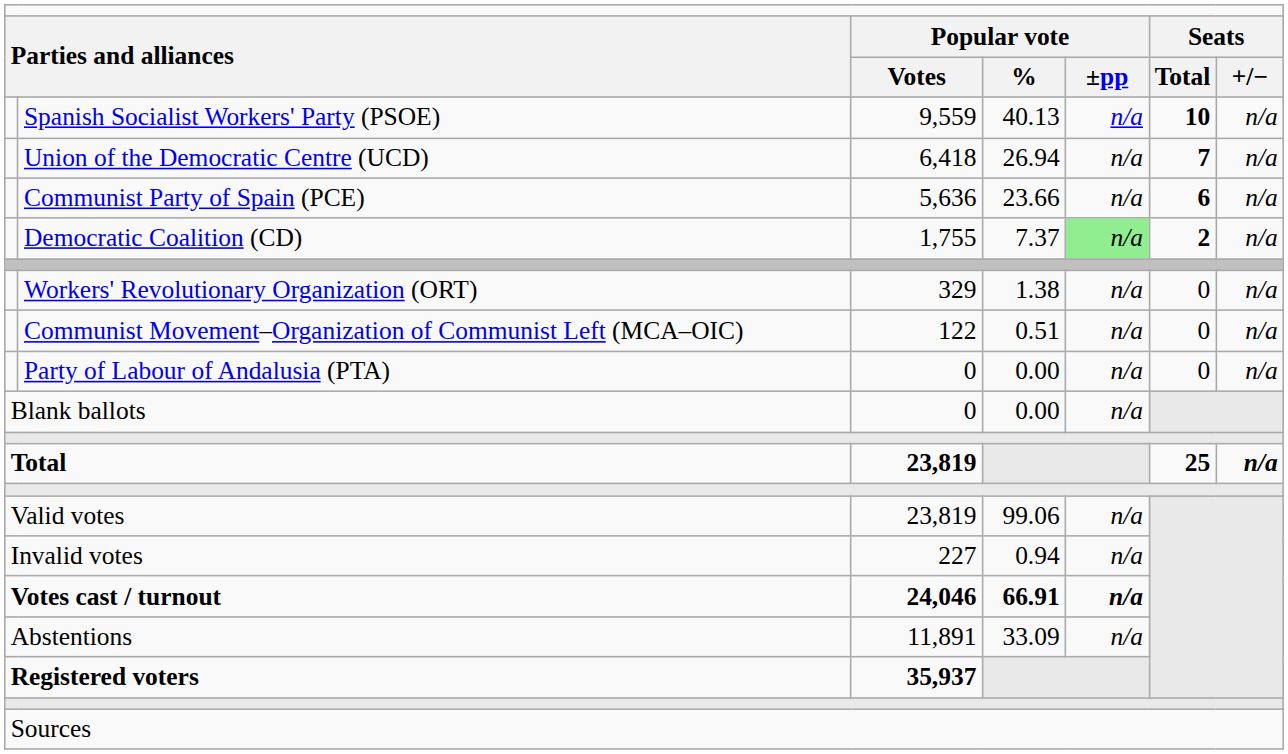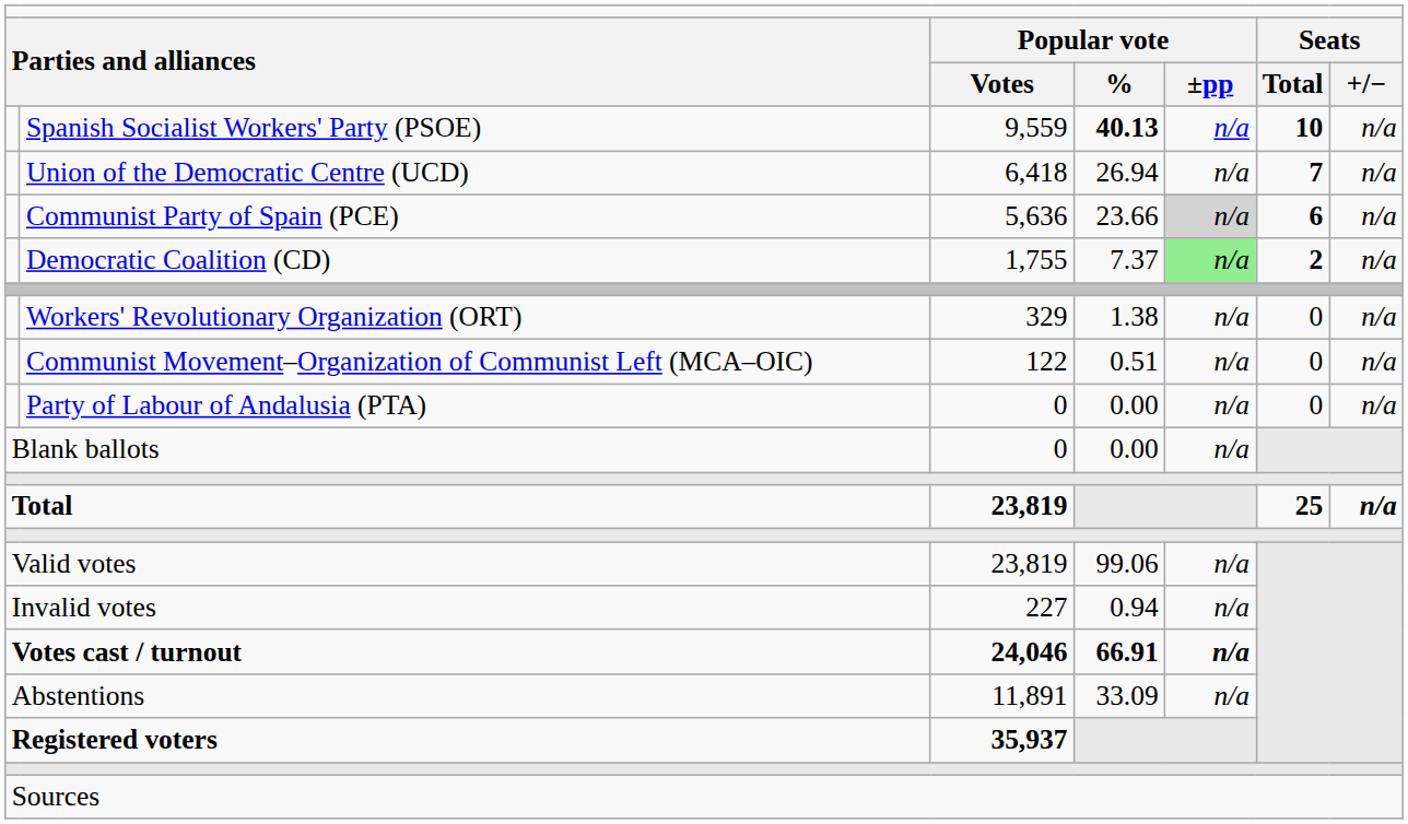 <table class="wikitable" style="text-align:right;">
 <tr>
 <td colspan="7"></td>
 </tr>
 <tr>
 <th style="text-align:left;" rowspan="2" colspan="2" width="525">Parties and alliances</th>
 <th colspan="3">Popular vote</th>
 <th colspan="2">Seats</th>
 </tr>
 <tr>
 <th width="75">Votes</th>
 <th width="45">%</th>
 <th width="45">±<a href='#'>pp</a></th>
 <th width="35">Total</th>
 <th width="35">+/−</th>
 </tr>
 <tr>
 <td width="1" style="color:inherit;background:"></td>
 <td align="left"><a href='#'>Spanish Socialist Workers' Party</a> (PSOE)</td>
 <td>9,559</td>
-<td>40.13</td>
+<td><strong>40.13</strong></td>
 <td><em><a href='#'>n/a</a></em></td>
 <td><strong>10</strong></td>
 <td><em>n/a</em></td>
 </tr>
 <tr>
 <td style="color:inherit;background:"></td>
 <td align="left"><a href='#'>Union of the Democratic Centre</a> (UCD)</td>
 <td>6,418</td>
 <td>26.94</td>
 <td><em>n/a</em></td>
 <td><strong>7</strong></td>
 <td><em>n/a</em></td>
 </tr>
 <tr>
 <td style="color:inherit;background:"></td>
 <td align="left"><a href='#'>Communist Party of Spain</a> (PCE)</td>
 <td>5,636</td>
 <td>23.66</td>
-<td><em>n/a</em></td>
+<td style="background: lightgrey;"><em>n/a</em></td>
 <td><strong>6</strong></td>
 <td><em>n/a</em></td>
 </tr>
 <tr>
 <td style="color:inherit;background:"></td>
 <td align="left"><a href='#'>Democratic Coalition</a> (CD)</td>
 <td>1,755</td>
 <td>7.37</td>
 <td style="background: lightgreen;"><em>n/a</em></td>
 <td><strong>2</strong></td>
 <td><em>n/a</em></td>
 </tr>
 <tr>
 <td colspan="7" bgcolor="#C0C0C0"></td>
 </tr>
 <tr>
 <td style="color:inherit;background:"></td>
 <td align="left"><a href='#'>Workers' Revolutionary Organization</a> (ORT)</td>
 <td>329</td>
 <td>1.38</td>
 <td><em>n/a</em></td>
 <td>0</td>
 <td><em>n/a</em></td>
 </tr>
 <tr>
 <td style="color:inherit;background:"></td>
 <td align="left"><a href='#'>Communist Movement</a>–<a href='#'>Organization of Communist Left</a> (MCA–OIC)</td>
 <td>122</td>
 <td>0.51</td>
 <td><em>n/a</em></td>
 <td>0</td>
 <td><em>n/a</em></td>
 </tr>
 <tr>
 <td style="color:inherit;background:"></td>
 <td align="left"><a href='#'>Party of Labour of Andalusia</a> (PTA)</td>
 <td>0</td>
 <td>0.00</td>
 <td><em>n/a</em></td>
 <td>0</td>
 <td><em>n/a</em></td>
 </tr>
 <tr>
 <td align="left" colspan="2">Blank ballots</td>
 <td>0</td>
 <td>0.00</td>
 <td><em>n/a</em></td>
 <td bgcolor="#E9E9E9" colspan="2"></td>
 </tr>
 <tr>
 <td colspan="7" bgcolor="#E9E9E9"></td>
 </tr>
 <tr style="font-weight:bold;">
 <td align="left" colspan="2">Total</td>
 <td>23,819</td>
 <td bgcolor="#E9E9E9" colspan="2"></td>
 <td>25</td>
 <td><em>n/a</em></td>
 </tr>
 <tr>
 <td colspan="7" bgcolor="#E9E9E9"></td>
 </tr>
 <tr>
 <td align="left" colspan="2">Valid votes</td>
 <td>23,819</td>
 <td>99.06</td>
 <td><em>n/a</em></td>
 <td bgcolor="#E9E9E9" colspan="2" rowspan="5"></td>
 </tr>
 <tr>
 <td align="left" colspan="2">Invalid votes</td>
 <td>227</td>
 <td>0.94</td>
 <td><em>n/a</em></td>
 </tr>
 <tr style="font-weight:bold;">
 <td align="left" colspan="2">Votes cast / turnout</td>
 <td>24,046</td>
 <td>66.91</td>
 <td><em>n/a</em></td>
 </tr>
 <tr>
 <td align="left" colspan="2">Abstentions</td>
 <td>11,891</td>
 <td>33.09</td>
 <td><em>n/a</em></td>
 </tr>
 <tr style="font-weight:bold;">
 <td align="left" colspan="2">Registered voters</td>
 <td>35,937</td>
 <td bgcolor="#E9E9E9" colspan="2"></td>
 </tr>
 <tr>
 <td colspan="7" bgcolor="#E9E9E9"></td>
 </tr>
 <tr>
 <td align="left" colspan="7">Sources</td>
 </tr>
 </table>
